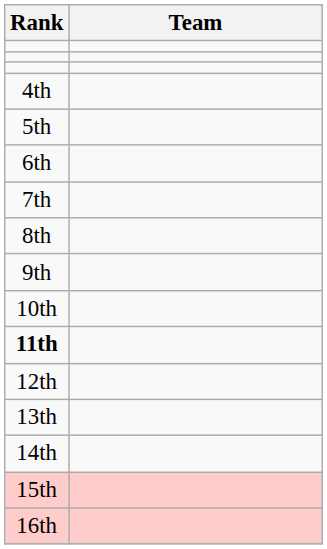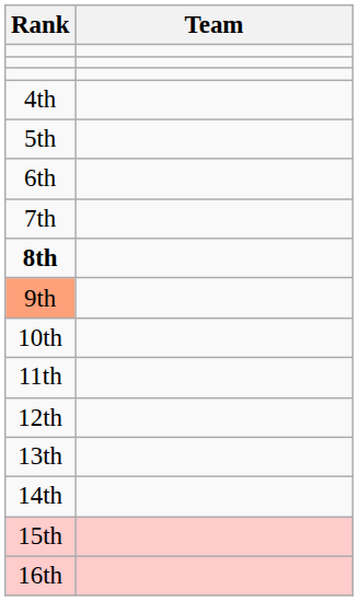 <table class=wikitable style="text-align:center;">
 <tr>
 <th>Rank</th>
 <th width=170>Team</th>
 </tr>
 <tr>
 <td></td>
 <td style="text-align:left"></td>
 </tr>
 <tr>
 <td></td>
 <td style="text-align:left"></td>
 </tr>
 <tr>
 <td></td>
 <td style="text-align:left"></td>
 </tr>
 <tr>
 <td>4th</td>
 <td style="text-align:left"></td>
 </tr>
 <tr>
 <td>5th</td>
 <td style="text-align:left"></td>
 </tr>
 <tr>
 <td>6th</td>
 <td style="text-align:left"></td>
 </tr>
 <tr>
 <td>7th</td>
 <td style="text-align:left"></td>
 </tr>
 <tr>
-<td>8th</td>
+<td><strong>8th</strong></td>
 <td style="text-align:left"></td>
 </tr>
 <tr>
-<td>9th</td>
+<td style="background: lightsalmon;">9th</td>
 <td style="text-align:left"></td>
 </tr>
 <tr>
 <td>10th</td>
 <td style="text-align:left"></td>
 </tr>
 <tr>
-<td><strong>11th</strong></td>
+<td>11th</td>
 <td style="text-align:left"></td>
 </tr>
 <tr>
 <td>12th</td>
 <td style="text-align:left"></td>
 </tr>
 <tr>
 <td>13th</td>
 <td style="text-align:left"></td>
 </tr>
 <tr>
 <td>14th</td>
 <td style="text-align:left"></td>
 </tr>
 <tr style="background:#ffcccc">
 <td>15th</td>
 <td style="text-align:left"></td>
 </tr>
 <tr style="background:#ffcccc">
 <td>16th</td>
 <td style="text-align:left"></td>
 </tr>
 </table>
